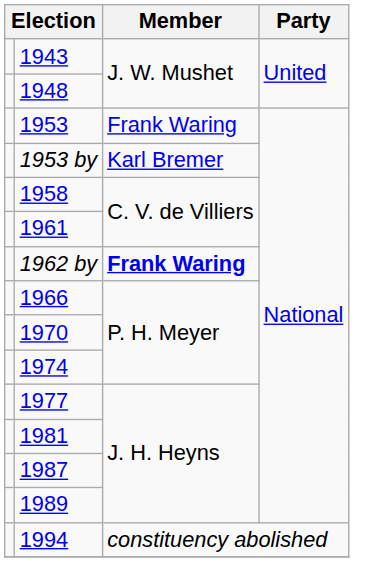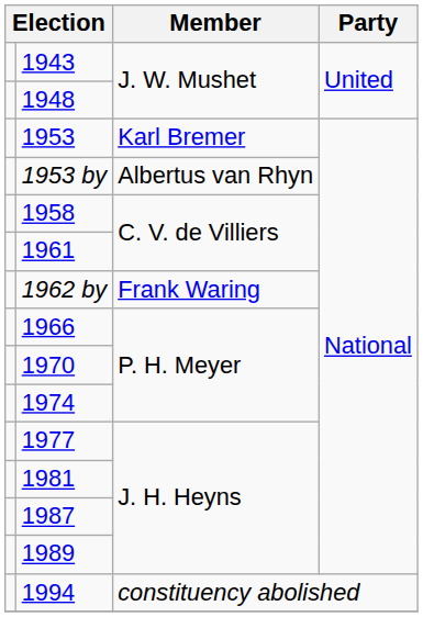 <table class="wikitable">
 <tr>
 <th colspan="2">Election</th>
 <th>Member</th>
 <th>Party</th>
 </tr>
 <tr>
 <td style="background-color: "></td>
 <td><a href='#'>1943</a></td>
 <td rowspan="2">J. W. Mushet</td>
 <td rowspan="2"><a href='#'>United</a></td>
 </tr>
 <tr>
 <td style="background-color: "></td>
 <td><a href='#'>1948</a></td>
 </tr>
 <tr>
 <td style="background-color: "></td>
 <td><a href='#'>1953</a></td>
-<td><a href='#'>Frank Waring</a></td>
+<td><a href='#'>Karl Bremer</a></td>
 <td rowspan="12"><a href='#'>National</a></td>
 </tr>
 <tr>
 <td style="background-color: "></td>
 <td><em>1953 by</em></td>
-<td><a href='#'>Karl Bremer</a></td>
+<td>Albertus van Rhyn</td>
 </tr>
 <tr>
 <td style="background-color: "></td>
 <td><a href='#'>1958</a></td>
 <td rowspan="2">C. V. de Villiers</td>
 </tr>
 <tr>
 <td style="background-color: "></td>
 <td><a href='#'>1961</a></td>
 </tr>
 <tr>
 <td style="background-color: "></td>
 <td><em>1962 by</em></td>
-<td><strong><a href='#'>Frank Waring</a></strong></td>
+<td><a href='#'>Frank Waring</a></td>
 </tr>
 <tr>
 <td style="background-color: "></td>
 <td><a href='#'>1966</a></td>
 <td rowspan="3">P. H. Meyer</td>
 </tr>
 <tr>
 <td style="background-color: "></td>
 <td><a href='#'>1970</a></td>
 </tr>
 <tr>
 <td style="background-color: "></td>
 <td><a href='#'>1974</a></td>
 </tr>
 <tr>
 <td style="background-color: "></td>
 <td><a href='#'>1977</a></td>
 <td rowspan="4">J. H. Heyns</td>
 </tr>
 <tr>
 <td style="background-color: "></td>
 <td><a href='#'>1981</a></td>
 </tr>
 <tr>
 <td style="background-color: "></td>
 <td><a href='#'>1987</a></td>
 </tr>
 <tr>
 <td style="background-color: "></td>
 <td><a href='#'>1989</a></td>
 </tr>
 <tr>
 <td style="background-color: "></td>
 <td><a href='#'>1994</a></td>
 <td colspan="2"><em>constituency abolished</em></td>
 </tr>
 <tr>
 </tr>
 </table>
